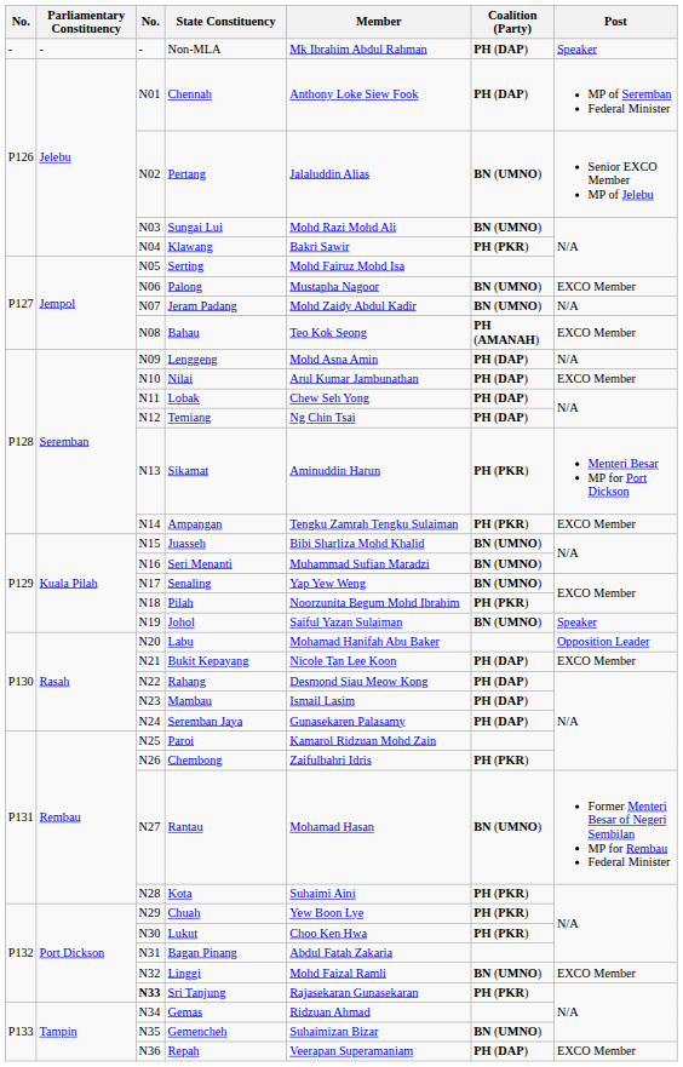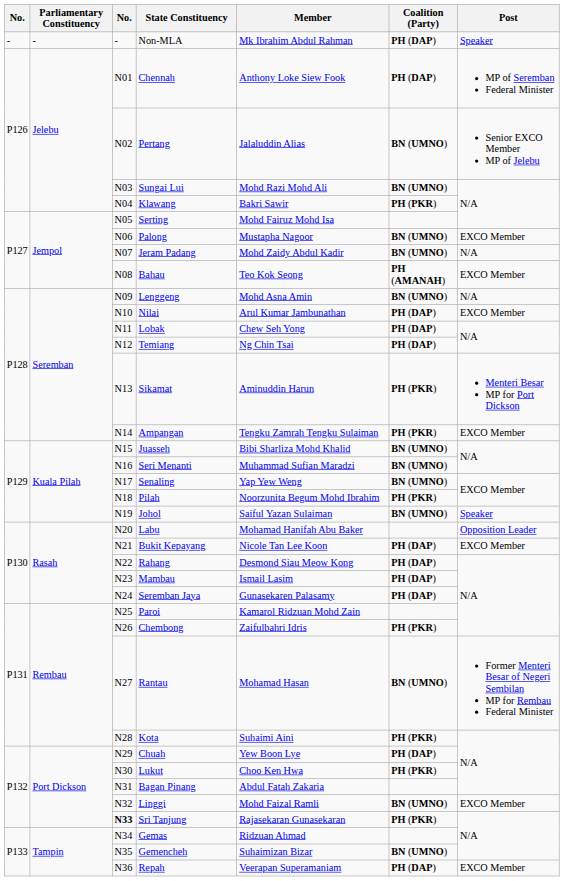 <table class="wikitable">
 <tr>
 <th>No.</th>
 <th>Parliamentary Constituency</th>
 <th width="30">No.</th>
 <th width="150">State Constituency</th>
 <th width="230">Member</th>
 <th width="100">Coalition (Party)</th>
 <th>Post</th>
 </tr>
 <tr>
 <td>-</td>
 <td>-</td>
 <td>-</td>
 <td>Non-MLA</td>
 <td><a href='#'>Mk Ibrahim Abdul Rahman</a></td>
 <td><strong>PH</strong> (<strong>DAP</strong>)</td>
 <td><a href='#'>Speaker</a></td>
 </tr>
 <tr>
 <td rowspan="4">P126</td>
 <td rowspan="4"><a href='#'>Jelebu</a></td>
 <td>N01</td>
 <td><a href='#'>Chennah</a></td>
 <td><a href='#'>Anthony Loke Siew Fook</a></td>
 <td><strong>PH</strong> (<strong>DAP</strong>)</td>
 <td><br><ul><li>MP of <a href='#'>Seremban</a></li><li>Federal Minister</li></ul></td>
 </tr>
 <tr>
 <td>N02</td>
 <td><a href='#'>Pertang</a></td>
 <td><a href='#'>Jalaluddin Alias</a></td>
 <td><strong>BN</strong> (<strong>UMNO</strong>)</td>
 <td><br><ul><li>Senior EXCO Member</li><li>MP of <a href='#'>Jelebu</a></li></ul></td>
 </tr>
 <tr>
 <td>N03</td>
 <td><a href='#'>Sungai Lui</a></td>
 <td><a href='#'>Mohd Razi Mohd Ali</a></td>
 <td><strong>BN</strong> (<strong>UMNO</strong>)</td>
 <td rowspan="3">N/A</td>
 </tr>
 <tr>
 <td>N04</td>
 <td><a href='#'>Klawang</a></td>
 <td><a href='#'>Bakri Sawir</a></td>
 <td><strong>PH</strong> (<strong>PKR</strong>)</td>
 </tr>
 <tr>
 <td rowspan="4">P127</td>
 <td rowspan="4"><a href='#'>Jempol</a></td>
 <td>N05</td>
 <td><a href='#'>Serting</a></td>
 <td><a href='#'>Mohd Fairuz Mohd Isa</a></td>
 <td></td>
 </tr>
 <tr>
 <td>N06</td>
 <td><a href='#'>Palong</a></td>
 <td><a href='#'>Mustapha Nagoor</a></td>
 <td><strong>BN</strong> (<strong>UMNO</strong>)</td>
 <td>EXCO Member</td>
 </tr>
 <tr>
 <td>N07</td>
 <td><a href='#'>Jeram Padang</a></td>
 <td><a href='#'>Mohd Zaidy Abdul Kadir</a></td>
 <td><strong>BN</strong> (<strong>UMNO</strong>)</td>
 <td>N/A</td>
 </tr>
 <tr>
 <td>N08</td>
 <td><a href='#'>Bahau</a></td>
 <td><a href='#'>Teo Kok Seong</a></td>
 <td><strong>PH</strong> (<strong>AMANAH</strong>)</td>
 <td>EXCO Member</td>
 </tr>
 <tr>
 <td rowspan="6">P128</td>
 <td rowspan="6"><a href='#'>Seremban</a></td>
 <td>N09</td>
 <td><a href='#'>Lenggeng</a></td>
 <td><a href='#'>Mohd Asna Amin</a></td>
-<td><strong>PH</strong> (<strong>DAP</strong>)</td>
+<td><strong>BN</strong> (<strong>UMNO</strong>)</td>
 <td>N/A</td>
 </tr>
 <tr>
 <td>N10</td>
 <td><a href='#'>Nilai</a></td>
 <td><a href='#'>Arul Kumar Jambunathan</a></td>
 <td><strong>PH</strong> (<strong>DAP</strong>)</td>
 <td>EXCO Member</td>
 </tr>
 <tr>
 <td>N11</td>
 <td><a href='#'>Lobak</a></td>
 <td><a href='#'>Chew Seh Yong</a></td>
 <td><strong>PH</strong> (<strong>DAP</strong>)</td>
 <td rowspan="2">N/A</td>
 </tr>
 <tr>
 <td>N12</td>
 <td><a href='#'>Temiang</a></td>
 <td><a href='#'>Ng Chin Tsai</a></td>
 <td><strong>PH</strong> (<strong>DAP</strong>)</td>
 </tr>
 <tr>
 <td>N13</td>
 <td><a href='#'>Sikamat</a></td>
 <td><a href='#'>Aminuddin Harun</a></td>
 <td><strong>PH</strong> (<strong>PKR</strong>)</td>
 <td><br><ul><li><a href='#'>Menteri Besar</a></li><li>MP for <a href='#'>Port Dickson</a></li></ul></td>
 </tr>
 <tr>
 <td>N14</td>
 <td><a href='#'>Ampangan</a></td>
 <td><a href='#'>Tengku Zamrah Tengku Sulaiman</a></td>
 <td><strong>PH</strong> (<strong>PKR</strong>)</td>
 <td>EXCO Member</td>
 </tr>
 <tr>
 <td rowspan="5">P129</td>
 <td rowspan="5"><a href='#'>Kuala Pilah</a></td>
 <td>N15</td>
 <td><a href='#'>Juasseh</a></td>
 <td><a href='#'>Bibi Sharliza Mohd Khalid</a></td>
 <td><strong>BN</strong> (<strong>UMNO</strong>)</td>
 <td rowspan="2">N/A</td>
 </tr>
 <tr>
 <td>N16</td>
 <td><a href='#'>Seri Menanti</a></td>
 <td><a href='#'>Muhammad Sufian Maradzi</a></td>
 <td><strong>BN</strong> (<strong>UMNO</strong>)</td>
 </tr>
 <tr>
 <td>N17</td>
 <td><a href='#'>Senaling</a></td>
 <td><a href='#'>Yap Yew Weng</a></td>
 <td><strong>BN</strong> (<strong>UMNO</strong>)</td>
 <td rowspan="2">EXCO Member</td>
 </tr>
 <tr>
 <td>N18</td>
 <td><a href='#'>Pilah</a></td>
 <td><a href='#'>Noorzunita Begum Mohd Ibrahim</a></td>
 <td><strong>PH</strong> (<strong>PKR</strong>)</td>
 </tr>
 <tr>
 <td>N19</td>
 <td><a href='#'>Johol</a></td>
 <td><a href='#'>Saiful Yazan Sulaiman</a></td>
 <td><strong>BN</strong> (<strong>UMNO</strong>)</td>
 <td><a href='#'>Speaker</a></td>
 </tr>
 <tr>
 <td rowspan="5">P130</td>
 <td rowspan="5"><a href='#'>Rasah</a></td>
 <td>N20</td>
 <td><a href='#'>Labu</a></td>
 <td><a href='#'>Mohamad Hanifah Abu Baker</a></td>
 <td></td>
 <td><a href='#'>Opposition Leader</a></td>
 </tr>
 <tr>
 <td>N21</td>
 <td><a href='#'>Bukit Kepayang</a></td>
 <td><a href='#'>Nicole Tan Lee Koon</a></td>
 <td><strong>PH</strong> (<strong>DAP</strong>)</td>
 <td>EXCO Member</td>
 </tr>
 <tr>
 <td>N22</td>
 <td><a href='#'>Rahang</a></td>
 <td><a href='#'>Desmond Siau Meow Kong</a></td>
 <td><strong>PH</strong> (<strong>DAP</strong>)</td>
 <td rowspan="5">N/A</td>
 </tr>
 <tr>
 <td>N23</td>
 <td><a href='#'>Mambau</a></td>
 <td><a href='#'>Ismail Lasim</a></td>
 <td><strong>PH</strong> (<strong>DAP</strong>)</td>
 </tr>
 <tr>
 <td>N24</td>
 <td><a href='#'>Seremban Jaya</a></td>
 <td><a href='#'>Gunasekaren Palasamy</a></td>
 <td><strong>PH</strong> (<strong>DAP</strong>)</td>
 </tr>
 <tr>
 <td rowspan="4">P131</td>
 <td rowspan="4"><a href='#'>Rembau</a></td>
 <td>N25</td>
 <td><a href='#'>Paroi</a></td>
 <td><a href='#'>Kamarol Ridzuan Mohd Zain</a></td>
 <td></td>
 </tr>
 <tr>
 <td>N26</td>
 <td><a href='#'>Chembong</a></td>
 <td><a href='#'>Zaifulbahri Idris</a></td>
 <td><strong>PH</strong> (<strong>PKR</strong>)</td>
 </tr>
 <tr>
 <td>N27</td>
 <td><a href='#'>Rantau</a></td>
 <td><a href='#'>Mohamad Hasan</a></td>
 <td><strong>BN</strong> (<strong>UMNO</strong>)</td>
 <td><br><ul><li>Former <a href='#'>Menteri Besar of Negeri Sembilan</a></li><li>MP for <a href='#'>Rembau</a></li><li>Federal Minister</li></ul></td>
 </tr>
 <tr>
 <td>N28</td>
 <td><a href='#'>Kota</a></td>
 <td><a href='#'>Suhaimi Aini</a></td>
 <td><strong>PH</strong> (<strong>PKR</strong>)</td>
 <td rowspan="4">N/A</td>
 </tr>
 <tr>
 <td rowspan="5">P132</td>
 <td rowspan="5"><a href='#'>Port Dickson</a></td>
 <td>N29</td>
 <td><a href='#'>Chuah</a></td>
 <td><a href='#'>Yew Boon Lye</a></td>
-<td><strong>PH</strong> (<strong>PKR</strong>)</td>
+<td><strong>PH</strong> (<strong>DAP</strong>)</td>
 </tr>
 <tr>
 <td>N30</td>
 <td><a href='#'>Lukut</a></td>
 <td><a href='#'>Choo Ken Hwa</a></td>
 <td><strong>PH</strong> (<strong>PKR</strong>)</td>
 </tr>
 <tr>
 <td>N31</td>
 <td><a href='#'>Bagan Pinang</a></td>
 <td><a href='#'>Abdul Fatah Zakaria</a></td>
 <td></td>
 </tr>
 <tr>
 <td>N32</td>
 <td><a href='#'>Linggi</a></td>
 <td><a href='#'>Mohd Faizal Ramli</a></td>
 <td><strong>BN</strong> (<strong>UMNO</strong>)</td>
 <td>EXCO Member</td>
 </tr>
 <tr>
 <td><strong>N33</strong></td>
 <td><a href='#'>Sri Tanjung</a></td>
 <td><a href='#'>Rajasekaran Gunasekaran</a></td>
 <td><strong>PH</strong> (<strong>PKR</strong>)</td>
 <td rowspan="3">N/A</td>
 </tr>
 <tr>
 <td rowspan="3">P133</td>
 <td rowspan="3"><a href='#'>Tampin</a></td>
 <td>N34</td>
 <td><a href='#'>Gemas</a></td>
 <td><a href='#'>Ridzuan Ahmad</a></td>
 <td></td>
 </tr>
 <tr>
 <td>N35</td>
 <td><a href='#'>Gemencheh</a></td>
 <td><a href='#'>Suhaimizan Bizar</a></td>
 <td><strong>BN</strong> (<strong>UMNO</strong>)</td>
 </tr>
 <tr>
 <td>N36</td>
 <td><a href='#'>Repah</a></td>
 <td><a href='#'>Veerapan Superamaniam</a></td>
 <td><strong>PH</strong> (<strong>DAP</strong>)</td>
 <td>EXCO Member</td>
 </tr>
 </table>
